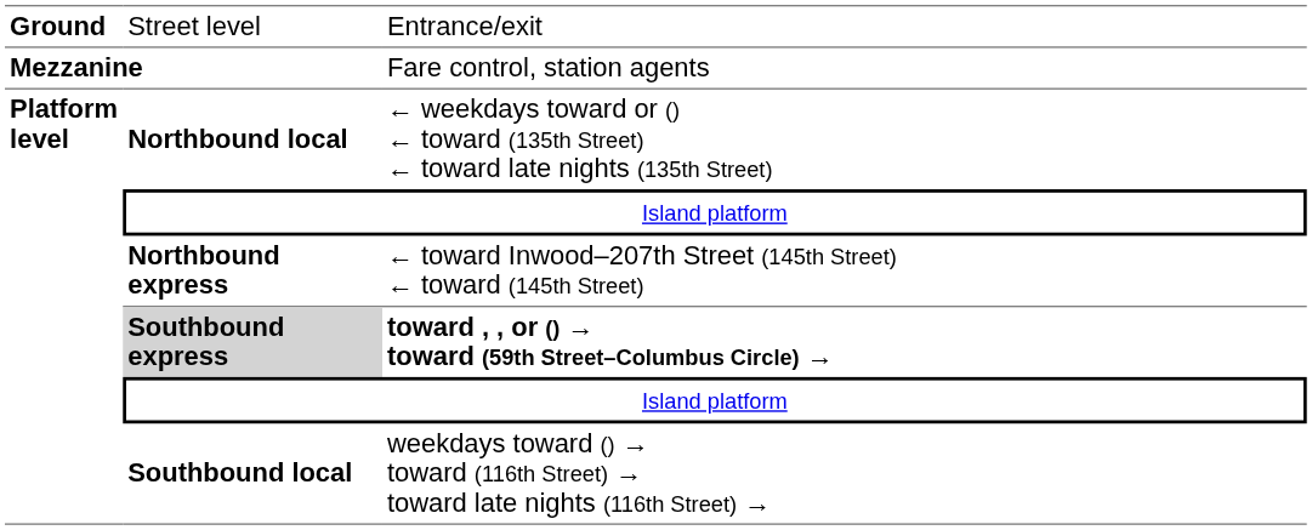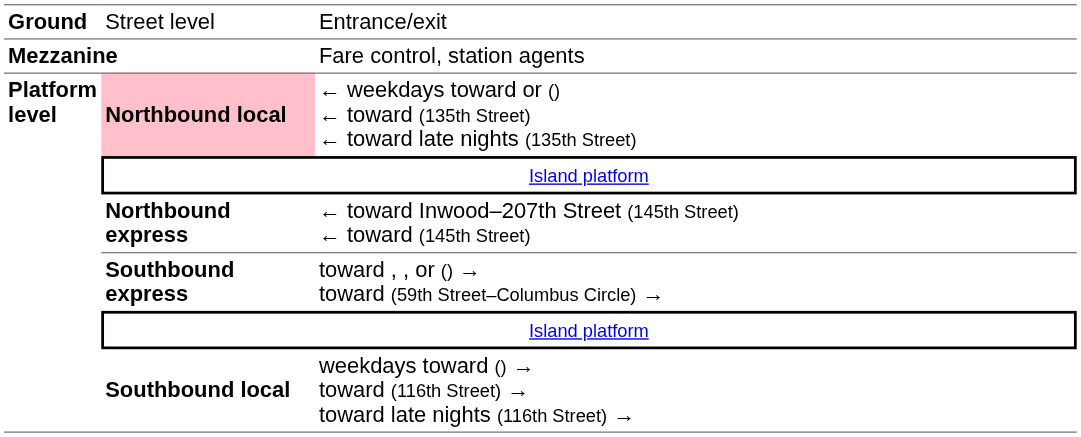 <table table border=0 cellspacing=0 cellpadding=3>
 <tr>
 <td style="border-bottom:solid 1px gray;border-top:solid 1px gray;" width=50><strong>Ground</strong></td>
 <td style="border-top:solid 1px gray;border-bottom:solid 1px gray;" width=150>Street level</td>
 <td style="border-top:solid 1px gray;border-bottom:solid 1px gray;" width=550>Entrance/exit</td>
 </tr>
 <tr>
 <td colspan=2><strong>Mezzanine</strong></td>
 <td>Fare control, station agents<br></td>
 </tr>
 <tr>
 <td style="border-top:solid 1px gray;border-bottom:solid 1px gray;" rowspan=8 valign=top><strong>Platform level</strong></td>
-<td style="border-top:solid 1px gray;"><strong>Northbound local</strong></td>
+<td style="background: pink; border-top:solid 1px gray;"><strong>Northbound local</strong></td>
 <td style="border-top:solid 1px gray;">←  weekdays toward  or  <small>()</small><br>←  toward  <small>(135th Street)</small><br>←  toward  late nights <small>(135th Street)</small></td>
 </tr>
 <tr>
 <td style="border-top:solid 2px black;border-right:solid 2px black;border-left:solid 2px black;border-bottom:solid 2px black;text-align:center;" colspan=2><small><a href='#'>Island platform</a> </small></td>
 </tr>
 <tr>
 <td style="border-bottom:solid 1px gray;"><strong>Northbound express</strong></td>
 <td style="border-bottom:solid 1px gray;">←  toward Inwood–207th Street <small>(145th Street)</small><br>←  toward  <small>(145th Street)</small></td>
 </tr>
 <tr>
-<td style="background: lightgrey;"><strong>Southbound express</strong></td>
-<td><strong>  toward , , or  <small>()</small> →<br>  toward  <small>(59th Street–Columbus Circle)</small> →</strong></td>
+<td><strong>Southbound express</strong></td>
+<td>  toward , , or  <small>()</small> →<br>  toward  <small>(59th Street–Columbus Circle)</small> →</td>
 </tr>
 <tr>
 <td style="border-top:solid 2px black;border-right:solid 2px black;border-left:solid 2px black;border-bottom:solid 2px black;text-align:center;" colspan=2><small><a href='#'>Island platform</a> </small></td>
 </tr>
 <tr>
 <td style="border-bottom:solid 1px gray;"><strong>Southbound local</strong></td>
 <td style="border-bottom:solid 1px gray;">  weekdays toward  <small>()</small> →<br>  toward  <small>(116th Street)</small> →<br>  toward  late nights <small>(116th Street)</small> →</td>
 </tr>
 </table>
